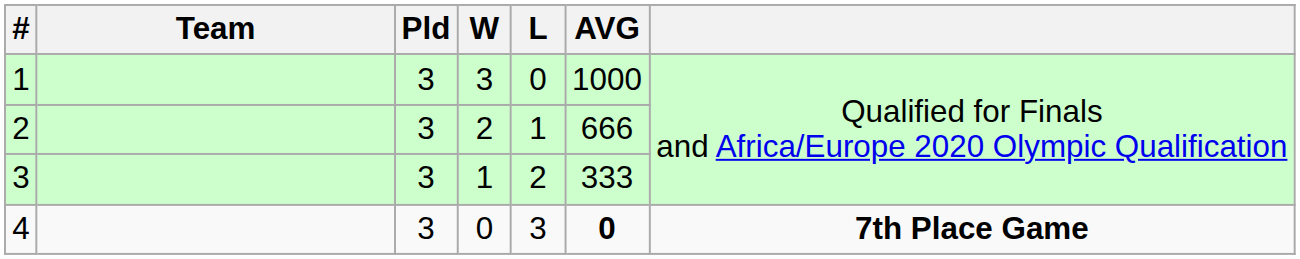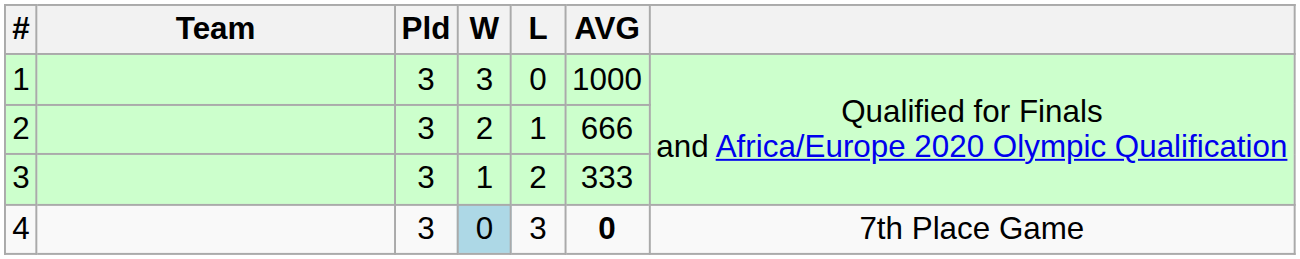 <table class="wikitable" style="text-align:center;">
 <tr>
 <th>#</th>
 <th width=175>Team</th>
 <th width=20 abbr="Played">Pld</th>
 <th width=20 abbr="Won">W</th>
 <th width=20 abbr="Lost">L</th>
 <th width=30 abbr="Average">AVG</th>
 <th></th>
 </tr>
 <tr style="background:#ccffcc">
 <td>1</td>
 <td align=left></td>
 <td>3</td>
 <td>3</td>
 <td>0</td>
 <td>1000</td>
 <td rowspan="3">Qualified for Finals<br>and <a href='#'>Africa/Europe 2020 Olympic Qualification</a></td>
 </tr>
 <tr style="background:#ccffcc">
 <td>2</td>
 <td align=left></td>
 <td>3</td>
 <td>2</td>
 <td>1</td>
 <td>666</td>
 </tr>
 <tr style="background:#ccffcc">
 <td>3</td>
 <td align=left></td>
 <td>3</td>
 <td>1</td>
 <td>2</td>
 <td 0>333</td>
 </tr>
 <tr>
 <td>4</td>
 <td align=left></td>
 <td>3</td>
-<td>0</td>
+<td style="background: lightblue;">0</td>
 <td>3</td>
 <td 0><strong>0</strong></td>
-<td><strong>7th Place Game</strong></td>
+<td>7th Place Game</td>
 </tr>
 </table>
